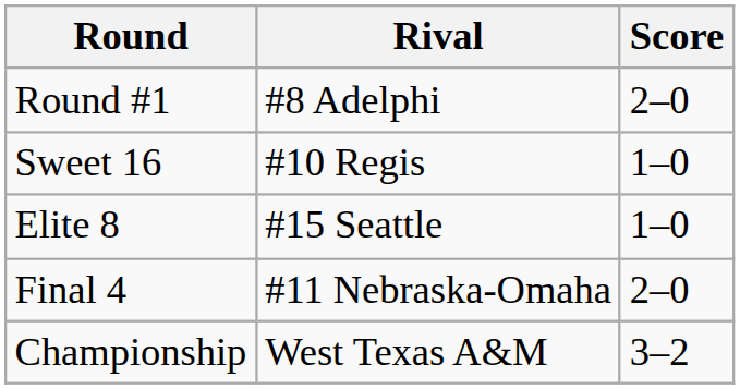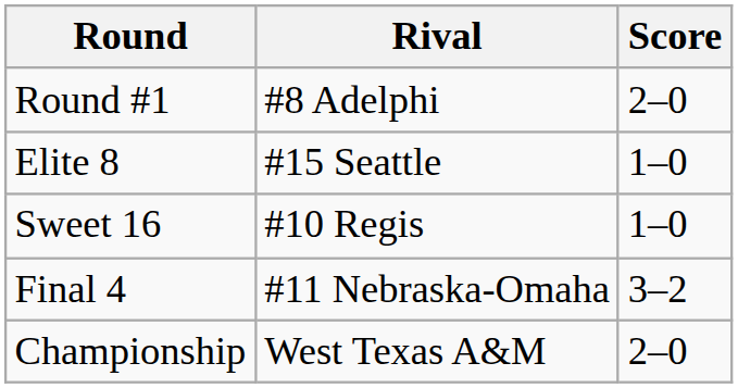 <table class= "wikitable sortable">
 <tr>
 <th width=px>Round</th>
 <th width=px>Rival</th>
 <th width=px>Score</th>
 </tr>
 <tr>
 <td>Round #1</td>
 <td>#8 Adelphi</td>
 <td>2–0</td>
 </tr>
 <tr>
+<td>Elite 8</td>
+<td>#15 Seattle</td>
+<td>1–0</td>
+</tr>
+<tr>
 <td>Sweet 16</td>
 <td>#10 Regis</td>
 <td>1–0</td>
 </tr>
 <tr>
-<td>Elite 8</td>
-<td>#15 Seattle</td>
-<td>1–0</td>
-</tr>
-<tr>
 <td>Final 4</td>
 <td>#11 Nebraska-Omaha</td>
-<td>2–0</td>
+<td>3–2</td>
 </tr>
 <tr>
 <td>Championship</td>
 <td>West Texas A&M</td>
-<td>3–2</td>
+<td>2–0</td>
 </tr>
 </table>
